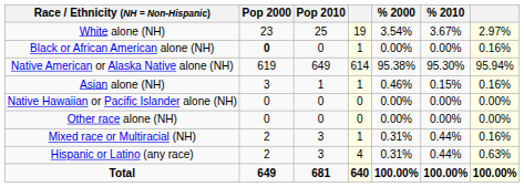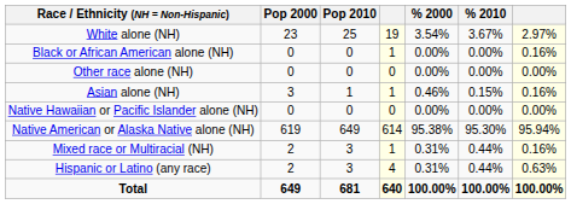 <table class="wikitable" style="text-align:center;">
 <tr>
 <th>Race / Ethnicity <small>(<em>NH = Non-Hispanic</em>)</small></th>
 <th>Pop 2000</th>
 <th>Pop 2010</th>
 <th></th>
 <th>% 2000</th>
 <th>% 2010</th>
 <th></th>
 </tr>
 <tr>
 <td><a href='#'>White</a> alone (NH)</td>
 <td>23</td>
 <td>25</td>
 <td style='background: #ffffe6;'>19</td>
 <td>3.54%</td>
 <td>3.67%</td>
 <td style='background: #ffffe6;'>2.97%</td>
 </tr>
 <tr>
 <td><a href='#'>Black or African American</a> alone (NH)</td>
-<td><strong>0</strong></td>
+<td>0</td>
 <td>0</td>
 <td style='background: #ffffe6;'>1</td>
 <td>0.00%</td>
 <td>0.00%</td>
 <td style='background: #ffffe6;'>0.16%</td>
 </tr>
 <tr>
-<td><a href='#'>Native American</a> or <a href='#'>Alaska Native</a> alone (NH)</td>
-<td>619</td>
-<td>649</td>
-<td style='background: #ffffe6;'>614</td>
-<td>95.38%</td>
-<td>95.30%</td>
-<td style='background: #ffffe6;'>95.94%</td>
+<td><a href='#'>Other race</a> alone (NH)</td>
+<td>0</td>
+<td>0</td>
+<td style='background: #ffffe6;'>0</td>
+<td>0.00%</td>
+<td>0.00%</td>
+<td style='background: #ffffe6;'>0.00%</td>
 </tr>
 <tr>
 <td><a href='#'>Asian</a> alone (NH)</td>
 <td>3</td>
 <td>1</td>
 <td style='background: #ffffe6;'>1</td>
 <td>0.46%</td>
 <td>0.15%</td>
 <td style='background: #ffffe6;'>0.16%</td>
 </tr>
 <tr>
 <td><a href='#'>Native Hawaiian</a> or <a href='#'>Pacific Islander</a> alone (NH)</td>
 <td>0</td>
 <td>0</td>
 <td style='background: #ffffe6;'>0</td>
 <td>0.00%</td>
 <td>0.00%</td>
 <td style='background: #ffffe6;'>0.00%</td>
 </tr>
 <tr>
-<td><a href='#'>Other race</a> alone (NH)</td>
-<td>0</td>
-<td>0</td>
-<td style='background: #ffffe6;'>0</td>
-<td>0.00%</td>
-<td>0.00%</td>
-<td style='background: #ffffe6;'>0.00%</td>
+<td><a href='#'>Native American</a> or <a href='#'>Alaska Native</a> alone (NH)</td>
+<td>619</td>
+<td>649</td>
+<td style='background: #ffffe6;'>614</td>
+<td>95.38%</td>
+<td>95.30%</td>
+<td style='background: #ffffe6;'>95.94%</td>
 </tr>
 <tr>
 <td><a href='#'>Mixed race or Multiracial</a> (NH)</td>
 <td>2</td>
 <td>3</td>
 <td style='background: #ffffe6;'>1</td>
 <td>0.31%</td>
 <td>0.44%</td>
 <td style='background: #ffffe6;'>0.16%</td>
 </tr>
 <tr>
 <td><a href='#'>Hispanic or Latino</a> (any race)</td>
 <td>2</td>
 <td>3</td>
 <td style='background: #ffffe6;'>4</td>
 <td>0.31%</td>
 <td>0.44%</td>
 <td style='background: #ffffe6;'>0.63%</td>
 </tr>
 <tr>
 <td><strong>Total</strong></td>
 <td><strong>649</strong></td>
 <td><strong>681</strong></td>
 <td style='background: #ffffe6;'><strong>640</strong></td>
 <td><strong>100.00%</strong></td>
 <td><strong>100.00%</strong></td>
 <td style='background: #ffffe6;'><strong>100.00%</strong></td>
 </tr>
 </table>
